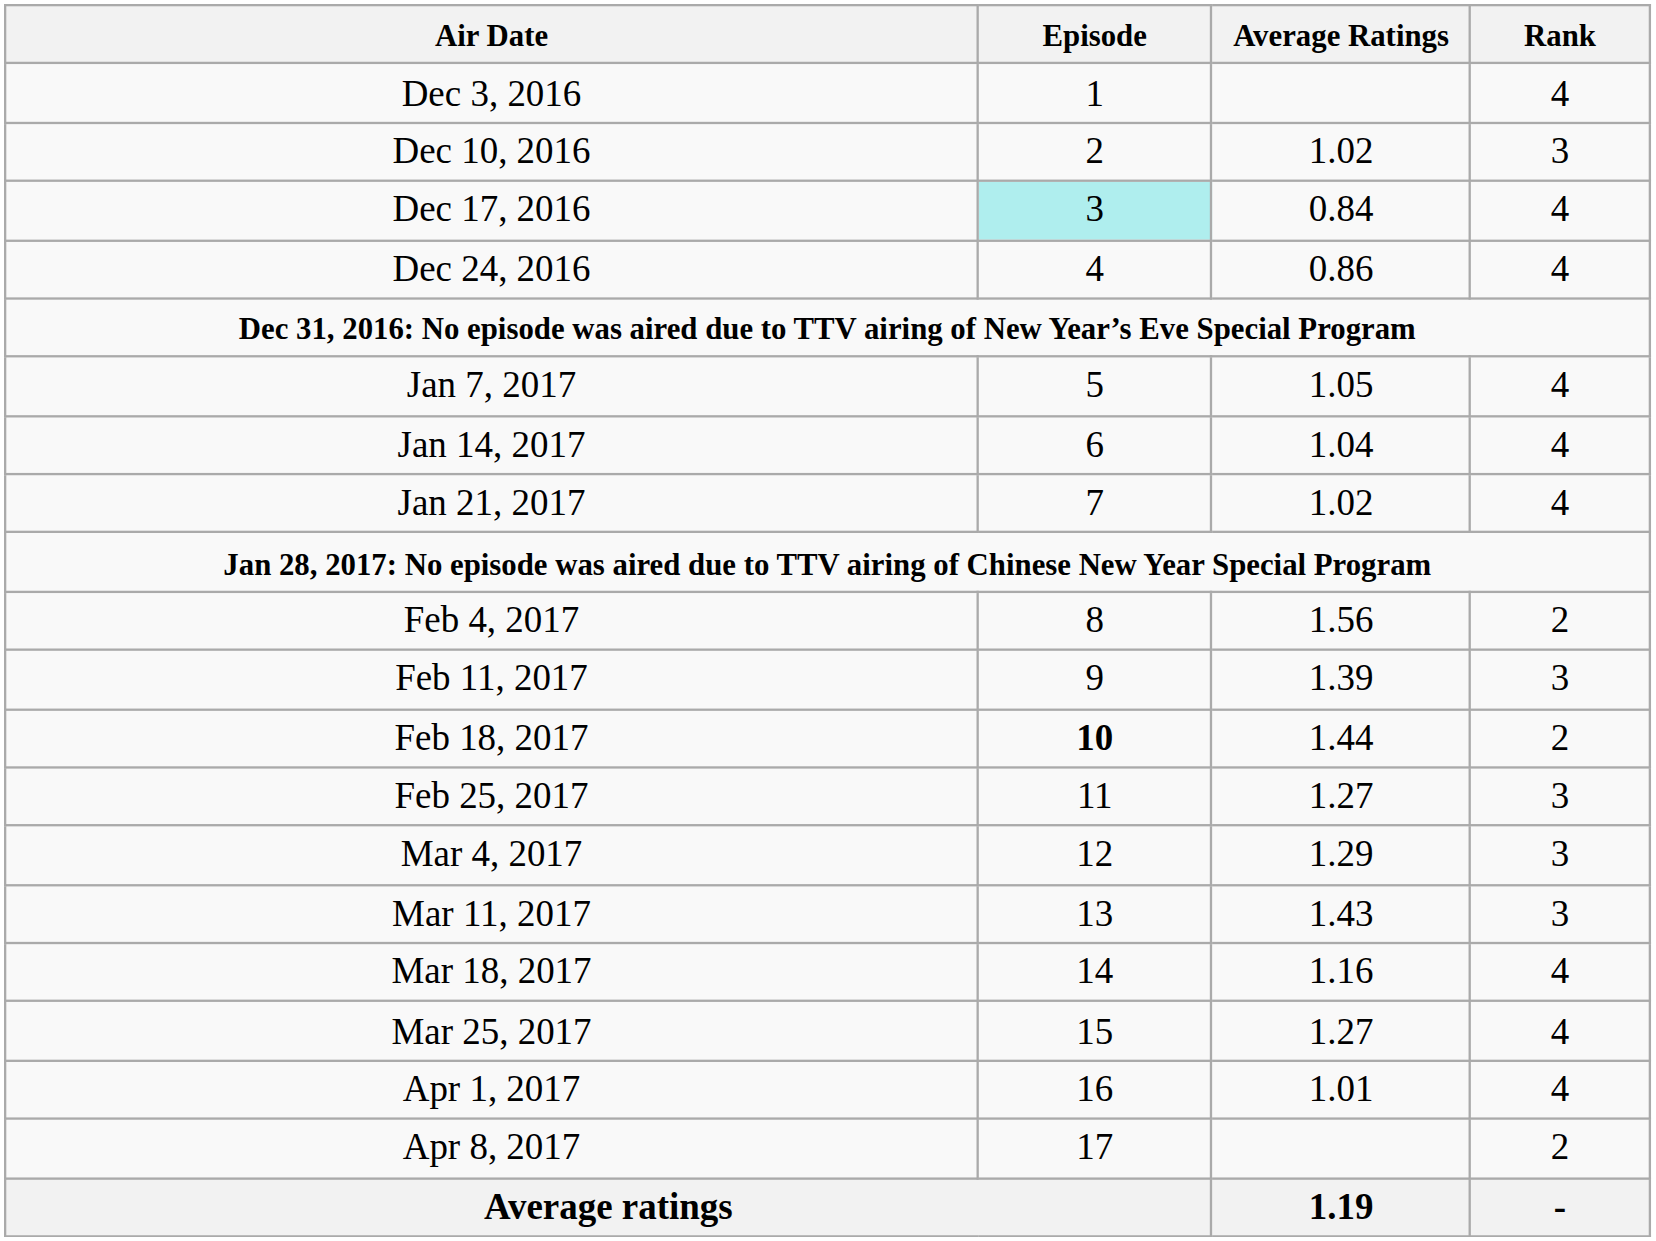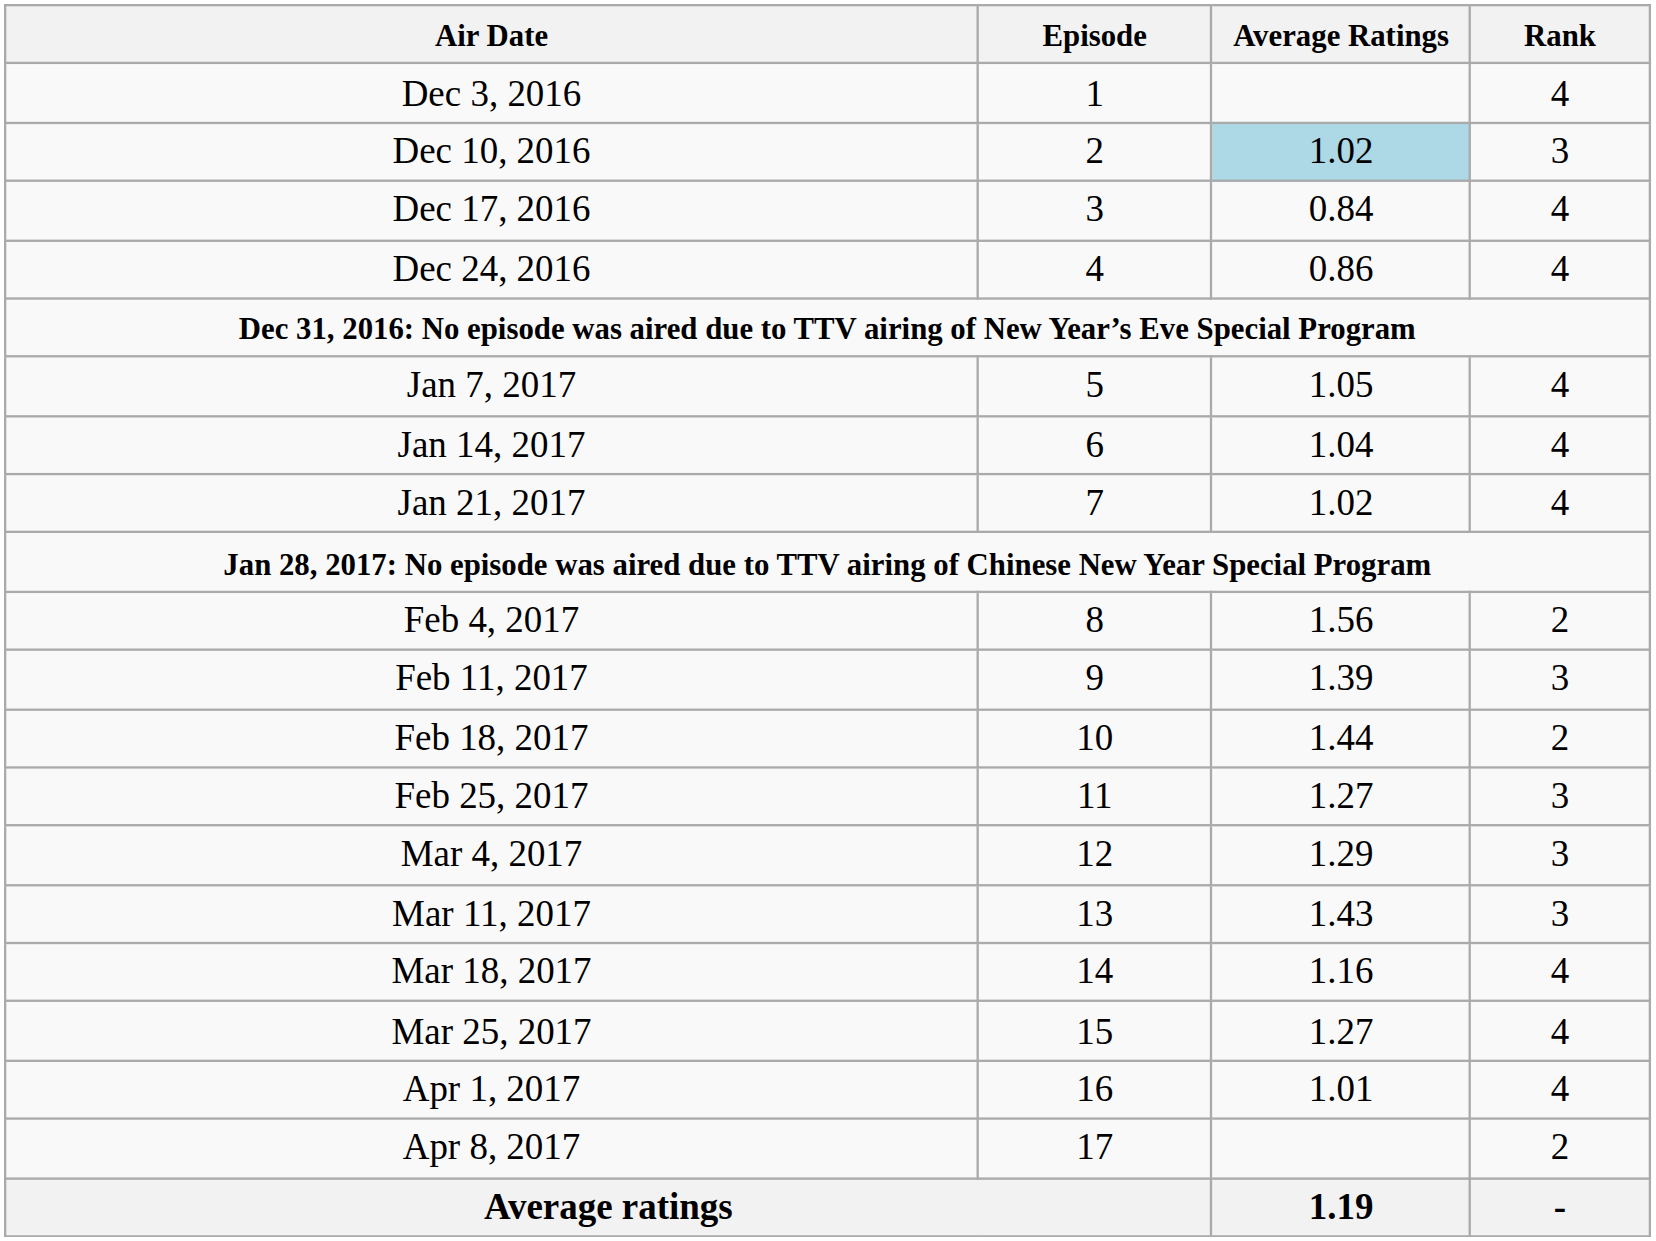 <table class="wikitable" style="text-align:center;width:45%;">
 <tr>
 <th width="25%"><small>Air Date</small></th>
 <th width="5%"><small>Episode</small></th>
 <th width="6%"><small>Average Ratings</small></th>
 <th width="4%"><small>Rank</small></th>
 </tr>
 <tr>
 <td>Dec 3, 2016</td>
 <td>1</td>
 <td><strong></strong></td>
 <td>4</td>
 </tr>
 <tr>
 <td>Dec 10, 2016</td>
 <td>2</td>
-<td>1.02</td>
+<td style="background: lightblue;">1.02</td>
 <td>3</td>
 </tr>
 <tr>
 <td>Dec 17, 2016</td>
-<td style="background: paleturquoise;">3</td>
+<td>3</td>
 <td>0.84</td>
 <td>4</td>
 </tr>
 <tr>
 <td>Dec 24, 2016</td>
 <td>4</td>
 <td>0.86</td>
 <td>4</td>
 </tr>
 <tr>
 <td colspan="4"><strong><small>Dec 31, 2016: No episode was aired due to TTV airing of New Year’s Eve Special Program</small></strong></td>
 </tr>
 <tr>
 <td>Jan 7, 2017</td>
 <td>5</td>
 <td>1.05</td>
 <td>4</td>
 </tr>
 <tr>
 <td>Jan 14, 2017</td>
 <td>6</td>
 <td>1.04</td>
 <td>4</td>
 </tr>
 <tr>
 <td>Jan 21, 2017</td>
 <td>7</td>
 <td>1.02</td>
 <td>4</td>
 </tr>
 <tr>
 <td colspan="4"><strong><small>Jan 28, 2017: No episode was aired due to TTV airing of Chinese New Year Special Program</small></strong></td>
 </tr>
 <tr>
 <td>Feb 4, 2017</td>
 <td>8</td>
 <td>1.56</td>
 <td>2</td>
 </tr>
 <tr>
 <td>Feb 11, 2017</td>
 <td>9</td>
 <td>1.39</td>
 <td>3</td>
 </tr>
 <tr>
 <td>Feb 18, 2017</td>
-<td><strong>10</strong></td>
+<td>10</td>
 <td>1.44</td>
 <td>2</td>
 </tr>
 <tr>
 <td>Feb 25, 2017</td>
 <td>11</td>
 <td>1.27</td>
 <td>3</td>
 </tr>
 <tr>
 <td>Mar 4, 2017</td>
 <td>12</td>
 <td>1.29</td>
 <td>3</td>
 </tr>
 <tr>
 <td>Mar 11, 2017</td>
 <td>13</td>
 <td>1.43</td>
 <td>3</td>
 </tr>
 <tr>
 <td>Mar 18, 2017</td>
 <td>14</td>
 <td>1.16</td>
 <td>4</td>
 </tr>
 <tr>
 <td>Mar 25, 2017</td>
 <td>15</td>
 <td>1.27</td>
 <td>4</td>
 </tr>
 <tr>
 <td>Apr 1, 2017</td>
 <td>16</td>
 <td>1.01</td>
 <td>4</td>
 </tr>
 <tr>
 <td>Apr 8, 2017</td>
 <td>17</td>
 <td><strong></strong></td>
 <td>2</td>
 </tr>
 <tr>
 <th colspan="2"><strong>Average ratings</strong></th>
 <th>1.19</th>
 <th>-</th>
 </tr>
 </table>
